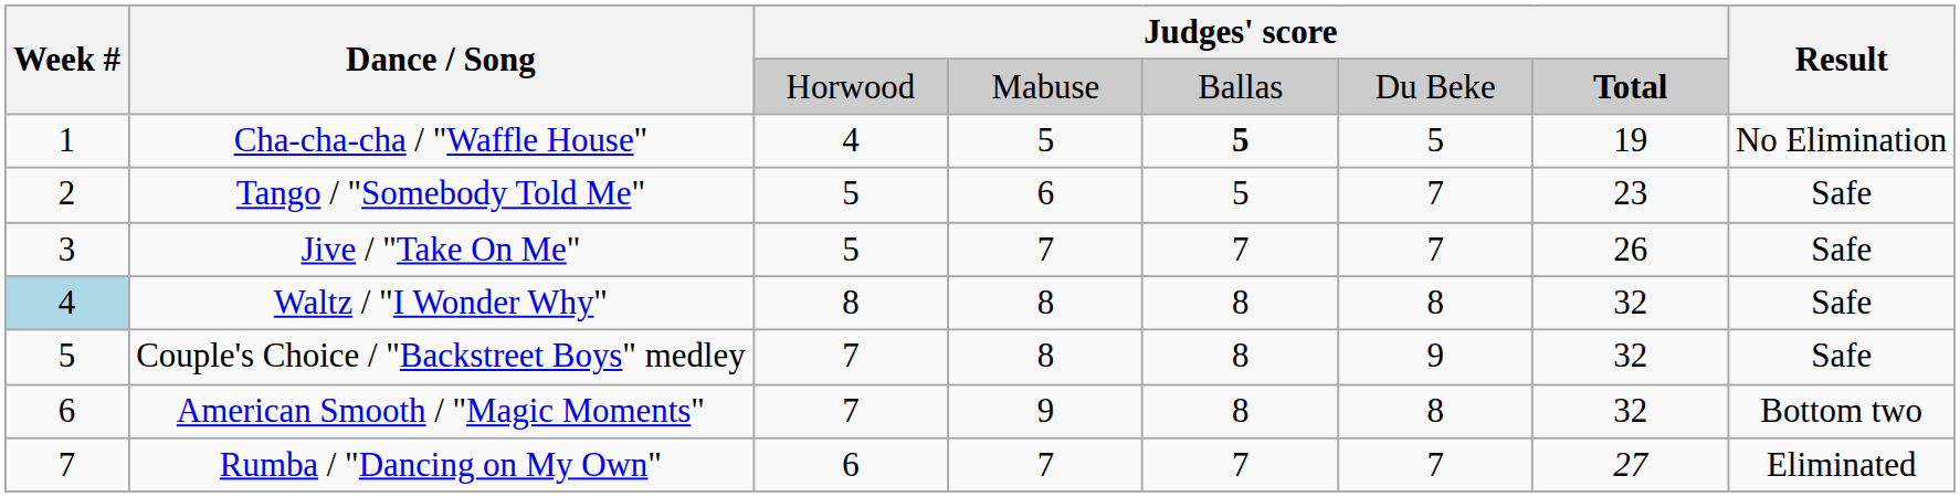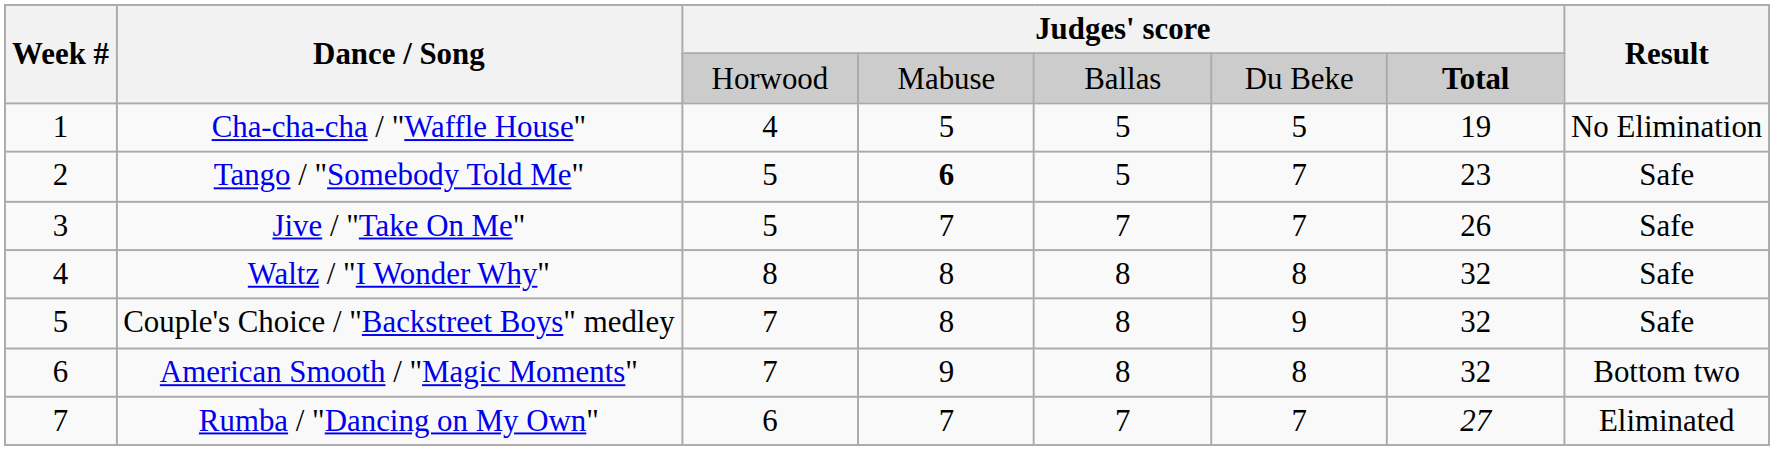 <table class="wikitable mw-collapsible mw-collapsed" style="text-align:center; white-space:nowrap">
 <tr>
 <th rowspan="2">Week #</th>
 <th rowspan="2">Dance / Song</th>
 <th colspan="5">Judges' score</th>
 <th rowspan="2">Result</th>
 </tr>
 <tr style="text-align:center; background:#ccc;">
 <td style="width:10%">Horwood</td>
 <td style="width:10%">Mabuse</td>
 <td style="width:10%">Ballas</td>
 <td style="width:10%">Du Beke</td>
 <td style="width:10%"><strong>Total</strong></td>
 </tr>
 <tr>
 <td>1</td>
 <td><a href='#'>Cha-cha-cha</a> / "<a href='#'>Waffle House</a>"</td>
 <td>4</td>
 <td>5</td>
-<td><strong>5</strong></td>
+<td>5</td>
 <td>5</td>
 <td>19</td>
 <td>No Elimination</td>
 </tr>
 <tr>
 <td>2</td>
 <td><a href='#'>Tango</a> / "<a href='#'>Somebody Told Me</a>"</td>
 <td>5</td>
-<td>6</td>
+<td><strong>6</strong></td>
 <td>5</td>
 <td>7</td>
 <td>23</td>
 <td>Safe</td>
 </tr>
 <tr>
 <td>3</td>
 <td><a href='#'>Jive</a> / "<a href='#'>Take On Me</a>"</td>
 <td>5</td>
 <td>7</td>
 <td>7</td>
 <td>7</td>
 <td>26</td>
 <td>Safe</td>
 </tr>
 <tr>
-<td style="background: lightblue;">4</td>
+<td>4</td>
 <td><a href='#'>Waltz</a> / "<a href='#'>I Wonder Why</a>"</td>
 <td>8</td>
 <td>8</td>
 <td>8</td>
 <td>8</td>
 <td>32</td>
 <td>Safe</td>
 </tr>
 <tr>
 <td>5</td>
 <td>Couple's Choice / "<a href='#'>Backstreet Boys</a>" medley</td>
 <td>7</td>
 <td>8</td>
 <td>8</td>
 <td>9</td>
 <td>32</td>
 <td>Safe</td>
 </tr>
 <tr>
 <td>6</td>
 <td><a href='#'>American Smooth</a> / "<a href='#'>Magic Moments</a>"</td>
 <td>7</td>
 <td>9</td>
 <td>8</td>
 <td>8</td>
 <td>32</td>
 <td>Bottom two</td>
 </tr>
 <tr>
 <td>7</td>
 <td><a href='#'>Rumba</a> / "<a href='#'>Dancing on My Own</a>"</td>
 <td>6</td>
 <td>7</td>
 <td>7</td>
 <td>7</td>
 <td><span><em>27</em></span></td>
 <td>Eliminated</td>
 </tr>
 </table>
